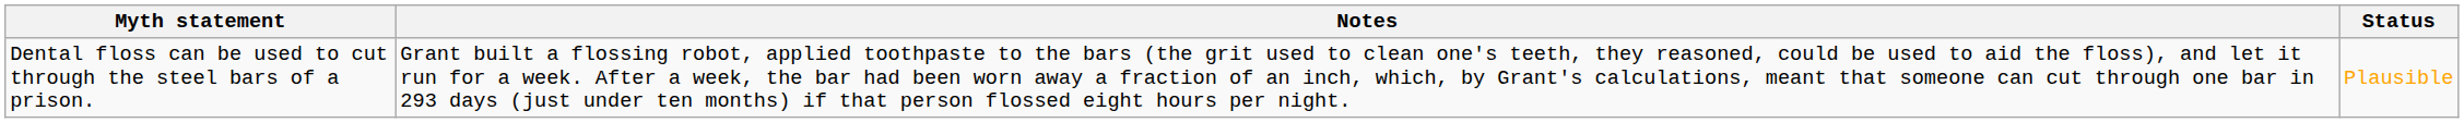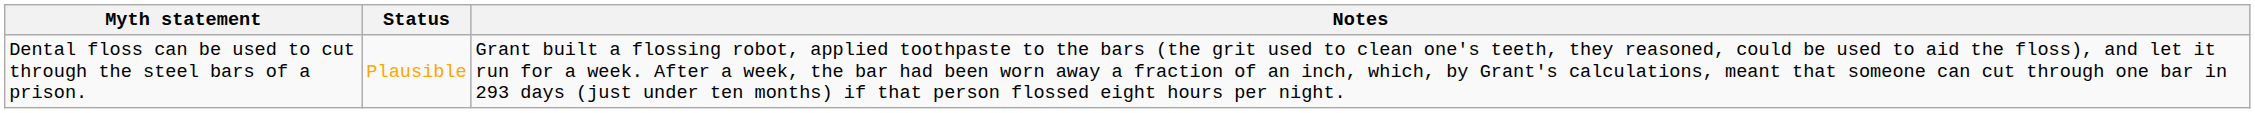 <table class="wikitable plainrowheaders">
 <tr>
 <th>Myth statement</th>
+<th>Status</th>
 <th>Notes</th>
-<th>Status</th>
 </tr>
 <tr>
 <td>Dental floss can be used to cut through the steel bars of a prison.</td>
+<td style="color:orange">Plausible</td>
 <td>Grant built a flossing robot, applied toothpaste to the bars (the grit used to clean one's teeth, they reasoned, could be used to aid the floss), and let it run for a week. After a week, the bar had been worn away a fraction of an inch, which, by Grant's calculations, meant that someone can cut through one bar in 293 days (just under ten months) if that person flossed eight hours per night.</td>
-<td style="color:orange">Plausible</td>
 </tr>
 </table>
